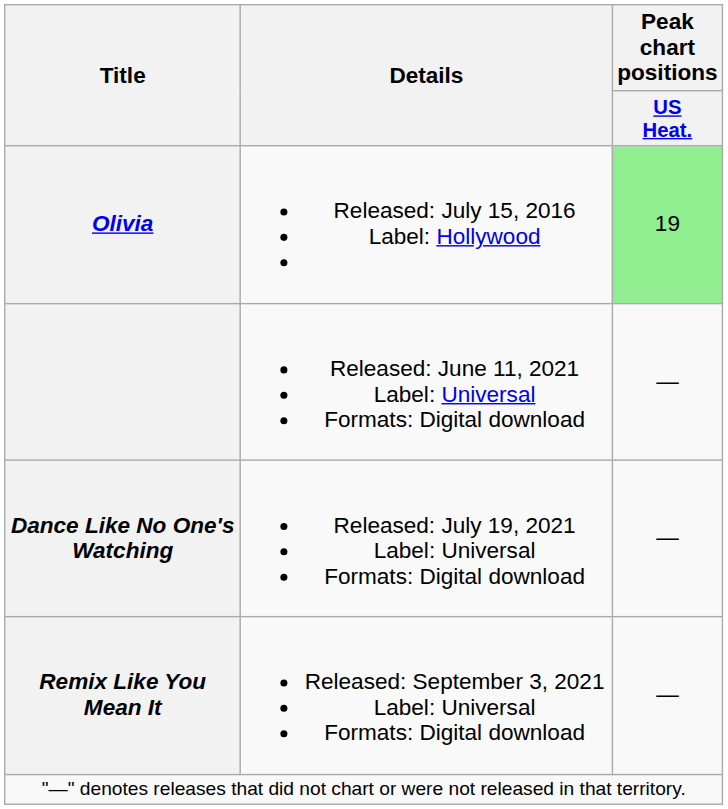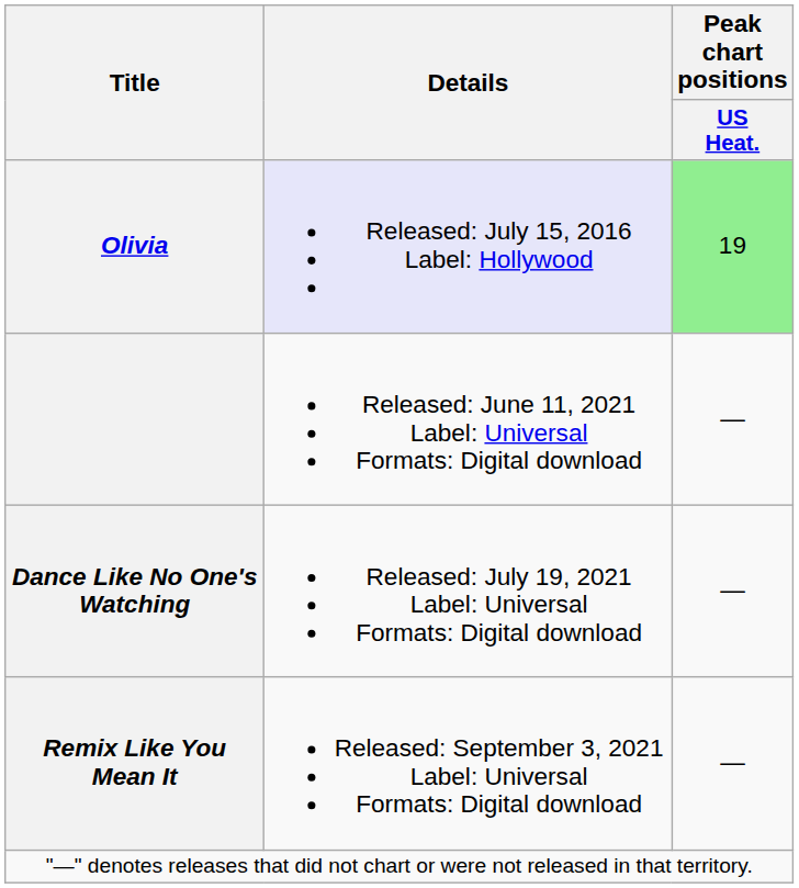 <table class="wikitable plainrowheaders" style="text-align:center;">
 <tr>
 <th scope="col" rowspan="2" style="width:10em;">Title</th>
 <th scope="col" rowspan="2" style="width:16em;">Details</th>
 <th scope="col" colspan="1">Peak chart positions</th>
 </tr>
 <tr>
 <th scope="col" style="width:3em;font-size:90%;"><a href='#'>US<br>Heat.</a><br></th>
 </tr>
 <tr>
 <th scope="row"><em><a href='#'>Olivia</a></em></th>
-<td><br><ul><li>Released: July 15, 2016</li><li>Label: <a href='#'>Hollywood</a></li><li></li></ul></td>
+<td style="background: lavender;"><br><ul><li>Released: July 15, 2016</li><li>Label: <a href='#'>Hollywood</a></li><li></li></ul></td>
 <td style="background: lightgreen;">19</td>
 </tr>
 <tr>
 <th scope="row"></th>
 <td><br><ul><li>Released: June 11, 2021</li><li>Label: <a href='#'>Universal</a></li><li>Formats: Digital download</li></ul></td>
 <td>—</td>
 </tr>
 <tr>
 <th scope="row"><em>Dance Like No One's Watching</em></th>
 <td><br><ul><li>Released: July 19, 2021</li><li>Label: Universal</li><li>Formats: Digital download</li></ul></td>
 <td>—</td>
 </tr>
 <tr>
 <th scope="row"><em>Remix Like You Mean It</em></th>
 <td><br><ul><li>Released: September 3, 2021</li><li>Label: Universal</li><li>Formats: Digital download</li></ul></td>
 <td>—</td>
 </tr>
 <tr>
 <td align="center" colspan="15" style="font-size:85%">"—" denotes releases that did not chart or were not released in that territory.</td>
 </tr>
 </table>
